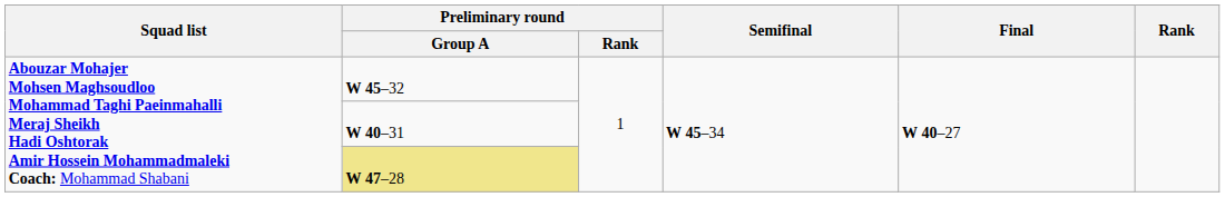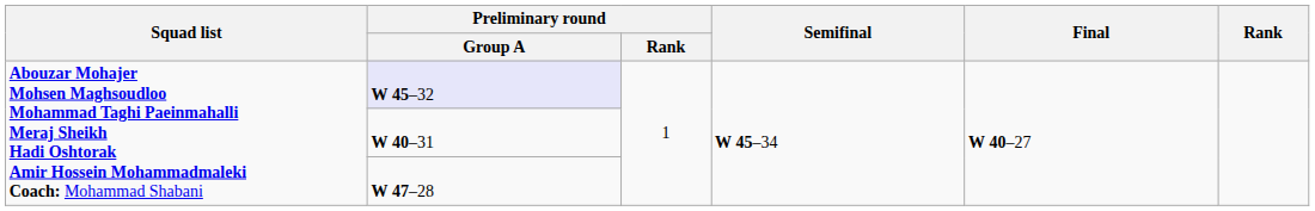 <table class="wikitable" width="71%" style="text-align:left; font-size:90%">
 <tr>
 <th rowspan="2" width="20%">Squad list</th>
 <th colspan="2">Preliminary round</th>
 <th rowspan="2" width="14%">Semifinal</th>
 <th rowspan="2" width="14%">Final</th>
 <th rowspan="2" width="5%">Rank</th>
 </tr>
 <tr>
 <th width="14%">Group A</th>
 <th width="5%">Rank</th>
 </tr>
 <tr>
 <td rowspan=3><strong><a href='#'>Abouzar Mohajer</a><br><a href='#'>Mohsen Maghsoudloo</a><br><a href='#'>Mohammad Taghi Paeinmahalli</a><br><a href='#'>Meraj Sheikh</a><br><a href='#'>Hadi Oshtorak</a><br><a href='#'>Amir Hossein Mohammadmaleki</a><br>Coach:</strong> <a href='#'>Mohammad Shabani</a></td>
-<td><br><strong>W</strong> <strong>45</strong>–32</td>
+<td style="background: lavender;"><br><strong>W</strong> <strong>45</strong>–32</td>
 <td rowspan=3 align=center>1 <strong></strong></td>
 <td rowspan=3><br><strong>W</strong> <strong>45</strong>–34</td>
 <td rowspan=3><br><strong>W</strong> <strong>40</strong>–27</td>
 <td rowspan=3 align=center></td>
 </tr>
 <tr>
 <td><br><strong>W</strong> <strong>40</strong>–31</td>
 </tr>
 <tr>
-<td style="background: khaki;"><br><strong>W</strong> <strong>47</strong>–28</td>
+<td><br><strong>W</strong> <strong>47</strong>–28</td>
 </tr>
 </table>
